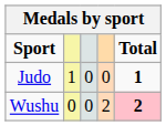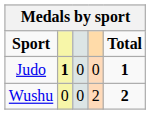 <table class=wikitable style="font-size:85%;text-align:center;float:right;clear:right;margin-left:1em;">
 <tr bgcolor=EFEFEF>
 <th colspan=7>Medals by sport</th>
 </tr>
 <tr>
 <td><strong>Sport</strong></td>
 <td bgcolor=F7F6A8></td>
 <td bgcolor=DCE5E5></td>
 <td bgcolor=FFDBA9></td>
 <td><strong>Total</strong></td>
 </tr>
 <tr>
 <td><a href='#'>Judo</a></td>
-<td bgcolor=F7F6A8>1</td>
+<td bgcolor=F7F6A8><strong>1</strong></td>
 <td bgcolor=DCE5E5>0</td>
 <td bgcolor=FFDAB9>0</td>
 <td><strong>1</strong></td>
 </tr>
 <tr>
 <td><a href='#'>Wushu</a></td>
 <td bgcolor=F7F6A8>0</td>
 <td bgcolor=DCE5E5>0</td>
 <td bgcolor=FFDAB9>2</td>
-<td style="background: pink;"><strong>2</strong></td>
+<td><strong>2</strong></td>
 </tr>
 </table>
